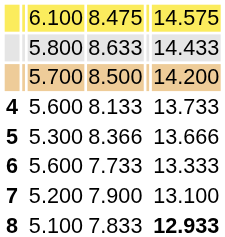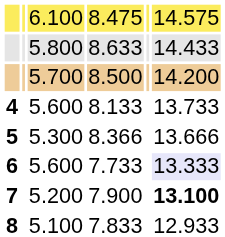 <table>
 <tr bgcolor=fbec5d>
 <th scope=row style="text-align:center"></th>
 <td align=left></td>
 <td>6.100</td>
 <td>8.475</td>
 <td></td>
 <td>14.575</td>
 </tr>
 <tr bgcolor=e5e5e5>
 <th scope=row style="text-align:center"></th>
 <td align=left></td>
 <td>5.800</td>
 <td>8.633</td>
 <td></td>
 <td>14.433</td>
 </tr>
 <tr bgcolor=eecc99>
 <th scope=row style="text-align:center"></th>
 <td align=left></td>
 <td>5.700</td>
 <td>8.500</td>
 <td></td>
 <td>14.200</td>
 </tr>
 <tr>
 <th scope=row style="text-align:center">4</th>
 <td align=left></td>
 <td>5.600</td>
 <td>8.133</td>
 <td></td>
 <td>13.733</td>
 </tr>
 <tr>
 <th scope=row style="text-align:center">5</th>
 <td align=left></td>
 <td>5.300</td>
 <td>8.366</td>
 <td></td>
 <td>13.666</td>
 </tr>
 <tr>
 <th scope=row style="text-align:center">6</th>
 <td align=left></td>
 <td>5.600</td>
 <td>7.733</td>
 <td></td>
-<td>13.333</td>
+<td style="background: lavender;">13.333</td>
 </tr>
 <tr>
 <th scope=row style="text-align:center">7</th>
 <td align=left></td>
 <td>5.200</td>
 <td>7.900</td>
 <td></td>
-<td>13.100</td>
+<td><strong>13.100</strong></td>
 </tr>
 <tr>
 <th scope=row style="text-align:center">8</th>
 <td align=left></td>
 <td>5.100</td>
 <td>7.833</td>
 <td></td>
-<td><strong>12.933</strong></td>
+<td>12.933</td>
 </tr>
 <tr>
 </tr>
 </table>
